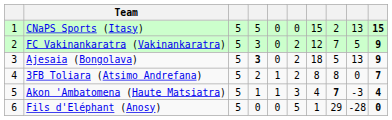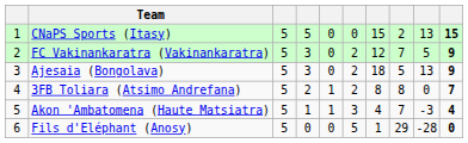 <table class="wikitable" style="text-align: center;">
 <tr>
 <th width=20></th>
 <th>Team</th>
 <th width=20></th>
 <th width=20></th>
 <th width=20></th>
 <th width=20></th>
 <th width=20></th>
 <th width=20></th>
 <th width=20></th>
 <th width=20></th>
 </tr>
 <tr bgcolor=#ccffcc>
 <td>1</td>
 <td align=left><a href='#'>CNaPS Sports</a> (<a href='#'>Itasy</a>)</td>
 <td>5</td>
 <td>5</td>
 <td>0</td>
 <td>0</td>
 <td>15</td>
 <td>2</td>
 <td>13</td>
 <td><strong>15</strong></td>
 </tr>
 <tr bgcolor=#ccffcc>
 <td>2</td>
 <td align=left><a href='#'>FC Vakinankaratra</a> (<a href='#'>Vakinankaratra</a>)</td>
 <td>5</td>
 <td>3</td>
 <td>0</td>
 <td>2</td>
 <td>12</td>
 <td>7</td>
 <td>5</td>
 <td><strong>9</strong></td>
 </tr>
 <tr>
 <td>3</td>
 <td align=left><a href='#'>Ajesaia</a> (<a href='#'>Bongolava</a>)</td>
 <td>5</td>
-<td><strong>3</strong></td>
+<td>3</td>
 <td>0</td>
 <td>2</td>
 <td>18</td>
 <td>5</td>
 <td>13</td>
 <td><strong>9</strong></td>
 </tr>
 <tr>
 <td>4</td>
 <td align=left><a href='#'>3FB Toliara</a> (<a href='#'>Atsimo Andrefana</a>)</td>
 <td>5</td>
 <td>2</td>
 <td>1</td>
 <td>2</td>
 <td>8</td>
 <td>8</td>
 <td>0</td>
 <td><strong>7</strong></td>
 </tr>
 <tr>
 <td>5</td>
 <td align=left><a href='#'>Akon 'Ambatomena</a> (<a href='#'>Haute Matsiatra</a>)</td>
 <td>5</td>
 <td>1</td>
 <td>1</td>
 <td>3</td>
 <td>4</td>
-<td><strong>7</strong></td>
+<td>7</td>
 <td>-3</td>
 <td><strong>4</strong></td>
 </tr>
 <tr>
 <td>6</td>
 <td align=left><a href='#'>Fils d'Eléphant</a> (<a href='#'>Anosy</a>)</td>
 <td>5</td>
 <td>0</td>
 <td>0</td>
 <td>5</td>
 <td>1</td>
 <td>29</td>
 <td>-28</td>
 <td><strong>0</strong></td>
 </tr>
 </table>
